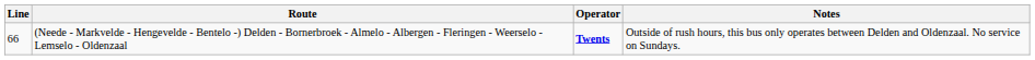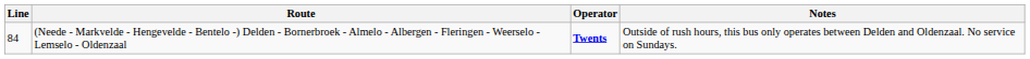 <table class="wikitable" style="font-size:85%;">
 <tr>
 <th>Line</th>
 <th>Route</th>
 <th>Operator</th>
 <th>Notes</th>
 </tr>
 <tr>
-<td>66</td>
+<td>84</td>
 <td>(Neede - Markvelde - Hengevelde - Bentelo -) Delden - Bornerbroek - Almelo - Albergen - Fleringen - Weerselo - Lemselo - Oldenzaal</td>
 <td><strong><a href='#'>Twents</a></strong></td>
 <td>Outside of rush hours, this bus only operates between Delden and Oldenzaal. No service on Sundays.</td>
 </tr>
 </table>
